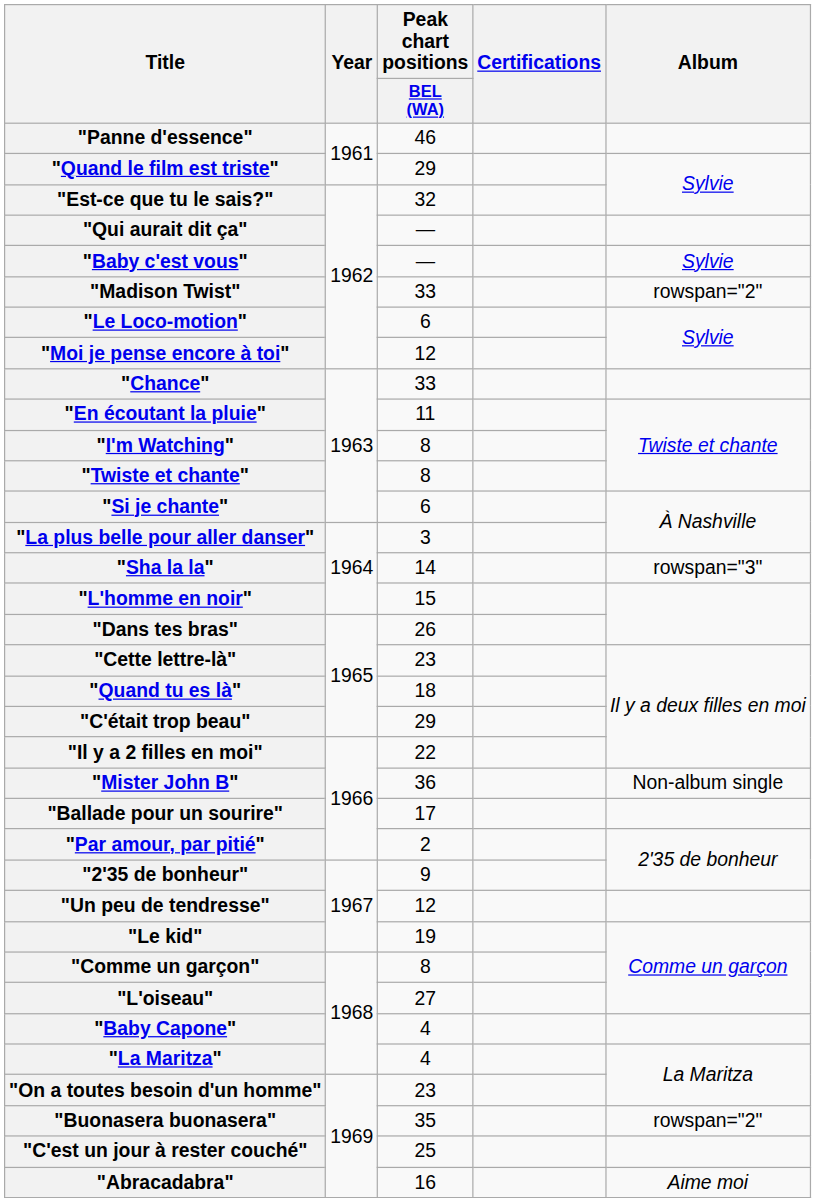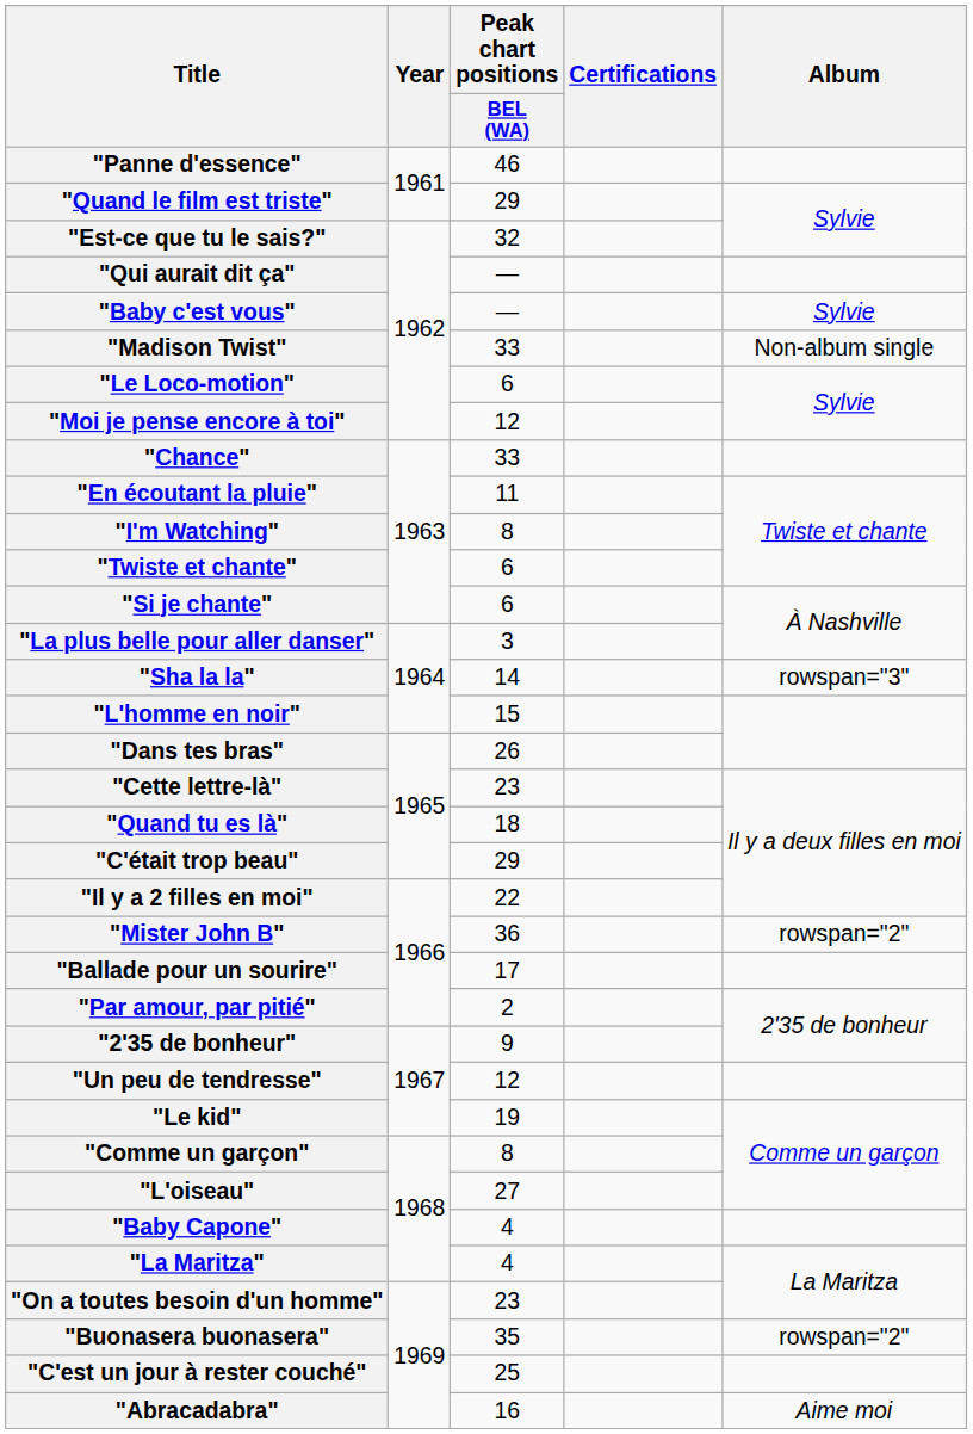 <table class="wikitable plainrowheaders" style="text-align:center;">
 <tr>
 <th rowspan="2">Title</th>
 <th rowspan="2">Year</th>
 <th>Peak chart positions</th>
 <th rowspan="2"><a href='#'>Certifications</a></th>
 <th rowspan="2">Album</th>
 </tr>
 <tr>
 <th style="width:3em;font-size:85%"><a href='#'>BEL<br>(WA)</a><br></th>
 </tr>
 <tr>
 <th scope="row">"Panne d'essence" </th>
 <td rowspan="2">1961</td>
 <td>46</td>
 <td></td>
 <td></td>
 </tr>
 <tr>
 <th scope="row">"<a href='#'>Quand le film est triste</a>"</th>
 <td>29</td>
 <td></td>
 <td rowspan="2"><em><a href='#'>Sylvie</a></em></td>
 </tr>
 <tr>
 <th scope="row">"Est-ce que tu le sais?"</th>
 <td rowspan="6">1962</td>
 <td>32</td>
 <td></td>
 </tr>
 <tr>
 <th scope="row">"Qui aurait dit ça"</th>
 <td>—</td>
 <td></td>
 <td></td>
 </tr>
 <tr>
 <th scope="row">"<a href='#'>Baby c'est vous</a>"</th>
 <td>—</td>
 <td></td>
 <td><em><a href='#'>Sylvie</a></em></td>
 </tr>
 <tr>
 <th scope="row">"Madison Twist"</th>
 <td>33</td>
 <td></td>
-<td>rowspan="2" </td>
+<td>Non-album single</td>
 </tr>
 <tr>
 <th scope="row">"<a href='#'>Le Loco-motion</a>"</th>
 <td>6</td>
 <td></td>
 <td rowspan="2"><em><a href='#'>Sylvie</a></em></td>
 </tr>
 <tr>
 <th scope="row">"<a href='#'>Moi je pense encore à toi</a>"</th>
 <td>12</td>
 <td></td>
 </tr>
 <tr>
 <th scope="row">"<a href='#'>Chance</a>"</th>
 <td rowspan="5">1963</td>
 <td>33</td>
 <td></td>
 <td></td>
 </tr>
 <tr>
 <th scope="row">"<a href='#'>En écoutant la pluie</a>"</th>
 <td>11</td>
 <td></td>
 <td rowspan="3"><em><a href='#'>Twiste et chante</a></em></td>
 </tr>
 <tr>
 <th scope="row">"<a href='#'>I'm Watching</a>"</th>
 <td>8</td>
 <td></td>
 </tr>
 <tr>
 <th scope="row">"<a href='#'>Twiste et chante</a>"</th>
-<td>8</td>
+<td>6</td>
 <td></td>
 </tr>
 <tr>
 <th scope="row">"<a href='#'>Si je chante</a>"</th>
 <td>6</td>
 <td></td>
 <td rowspan="2"><em>À Nashville</em></td>
 </tr>
 <tr>
 <th scope="row">"<a href='#'>La plus belle pour aller danser</a>"</th>
 <td rowspan="3">1964</td>
 <td>3</td>
 <td></td>
 </tr>
 <tr>
 <th scope="row">"<a href='#'>Sha la la</a>"</th>
 <td>14</td>
 <td></td>
 <td>rowspan="3" </td>
 </tr>
 <tr>
 <th scope="row">"<a href='#'>L'homme en noir</a>"</th>
 <td>15</td>
 <td></td>
 </tr>
 <tr>
 <th scope="row">"Dans tes bras"</th>
 <td rowspan="4">1965</td>
 <td>26</td>
 <td></td>
 </tr>
 <tr>
 <th scope="row">"Cette lettre-là"</th>
 <td>23</td>
 <td></td>
 <td rowspan="4"><em>Il y a deux filles en moi</em></td>
 </tr>
 <tr>
 <th scope="row">"<a href='#'>Quand tu es là</a>"</th>
 <td>18</td>
 <td></td>
 </tr>
 <tr>
 <th scope="row">"C'était trop beau"</th>
 <td>29</td>
 <td></td>
 </tr>
 <tr>
 <th scope="row">"Il y a 2 filles en moi"</th>
 <td rowspan="4">1966</td>
 <td>22</td>
 <td></td>
 </tr>
 <tr>
 <th scope="row">"<a href='#'>Mister John B</a>"</th>
 <td>36</td>
 <td></td>
-<td>Non-album single</td>
+<td>rowspan="2" </td>
 </tr>
 <tr>
 <th scope="row">"Ballade pour un sourire"</th>
 <td>17</td>
 <td></td>
 </tr>
 <tr>
 <th scope="row">"<a href='#'>Par amour, par pitié</a>"</th>
 <td>2</td>
 <td></td>
 <td rowspan="2"><em>2'35 de bonheur</em></td>
 </tr>
 <tr>
 <th scope="row">"2'35 de bonheur"</th>
 <td rowspan="3">1967</td>
 <td>9</td>
 <td></td>
 </tr>
 <tr>
 <th scope="row">"Un peu de tendresse"</th>
 <td>12</td>
 <td></td>
 <td></td>
 </tr>
 <tr>
 <th scope="row">"Le kid"</th>
 <td>19</td>
 <td></td>
 <td rowspan="3"><em><a href='#'>Comme un garçon</a></em></td>
 </tr>
 <tr>
 <th scope="row">"Comme un garçon"</th>
 <td rowspan="4">1968</td>
 <td>8</td>
 <td></td>
 </tr>
 <tr>
 <th scope="row">"L'oiseau"</th>
 <td>27</td>
 <td></td>
 </tr>
 <tr>
 <th scope="row">"<a href='#'>Baby Capone</a>"</th>
 <td>4</td>
 <td></td>
 <td></td>
 </tr>
 <tr>
 <th scope="row">"<a href='#'>La Maritza</a>"</th>
 <td>4</td>
 <td></td>
 <td rowspan="2"><em>La Maritza</em></td>
 </tr>
 <tr>
 <th scope="row">"On a toutes besoin d'un homme"</th>
 <td rowspan="4">1969</td>
 <td>23</td>
 <td></td>
 </tr>
 <tr>
 <th scope="row">"Buonasera buonasera"</th>
 <td>35</td>
 <td></td>
 <td>rowspan="2" </td>
 </tr>
 <tr>
 <th scope="row">"C'est un jour à rester couché"</th>
 <td>25</td>
 <td></td>
 </tr>
 <tr>
 <th scope="row">"Abracadabra"</th>
 <td>16</td>
 <td></td>
 <td><em>Aime moi</em></td>
 </tr>
 <tr>
 </tr>
 </table>
